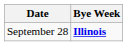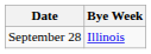 <table class="wikitable" style="font-size:95%;">
 <tr>
 <th>Date</th>
 <th>Bye Week</th>
 </tr>
 <tr>
 <td>September 28</td>
-<td><strong><a href='#'>Illinois</a></strong></td>
+<td><a href='#'>Illinois</a></td>
 </tr>
 </table>
